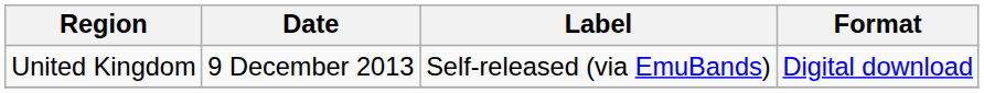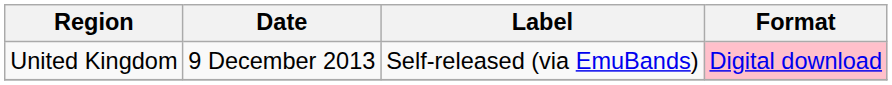 <table class="wikitable">
 <tr>
 <th>Region</th>
 <th>Date</th>
 <th>Label</th>
 <th>Format</th>
 </tr>
 <tr>
 <td>United Kingdom</td>
 <td>9 December 2013</td>
 <td>Self-released (via <a href='#'>EmuBands</a>)</td>
-<td><a href='#'>Digital download</a></td>
+<td style="background: pink;"><a href='#'>Digital download</a></td>
 </tr>
 <tr>
 </tr>
 </table>
